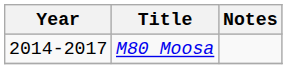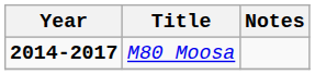 <table class="wikitable sortable">
 <tr>
 <th>Year</th>
 <th>Title</th>
 <th class="unsortable">Notes</th>
 </tr>
 <tr>
-<td>2014-2017</td>
+<td><strong>2014-2017</strong></td>
 <td><em><a href='#'>M80 Moosa</a></em></td>
 <td></td>
 </tr>
 <tr>
 </tr>
 </table>
